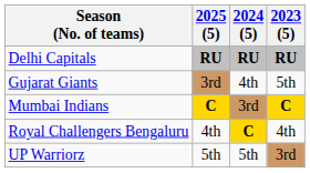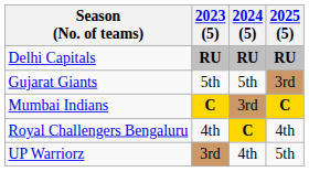 <table class="wikitable" style="text-align: center">
 <tr>
 <th>Season <br> (No. of teams)</th>
+<th><a href='#'>2023</a><br>(5)</th>
+<th><a href='#'>2024</a><br>(5)</th>
 <th><a href='#'>2025</a><br>(5)</th>
-<th><a href='#'>2024</a><br>(5)</th>
-<th><a href='#'>2023</a><br>(5)</th>
 </tr>
 <tr>
 <td style="text-align:left"><a href='#'>Delhi Capitals</a></td>
 <th style="background: silver">RU</th>
 <th style="background: silver">RU</th>
 <th style="background: silver">RU</th>
 </tr>
 <tr>
 <td style="text-align:left"><a href='#'>Gujarat Giants</a></td>
+<td>5th</td>
+<td>5th</td>
 <td style="background:#cc9966">3rd</td>
-<td>4th</td>
-<td>5th</td>
 </tr>
 <tr>
 <td style="text-align:left"><a href='#'>Mumbai Indians</a></td>
 <th style="background: gold">C</th>
 <td style="background:#cc9966">3rd</td>
 <th style="background: gold">C</th>
 </tr>
 <tr>
 <td style="text-align:left"><a href='#'>Royal Challengers Bengaluru</a></td>
 <td>4th</td>
 <th style="background: gold">C</th>
 <td>4th</td>
 </tr>
 <tr>
 <td style="text-align:left"><a href='#'>UP Warriorz</a></td>
+<td style="background:#cc9966">3rd</td>
+<td>4th</td>
 <td>5th</td>
-<td>5th</td>
-<td style="background:#cc9966">3rd</td>
 </tr>
 </table>
